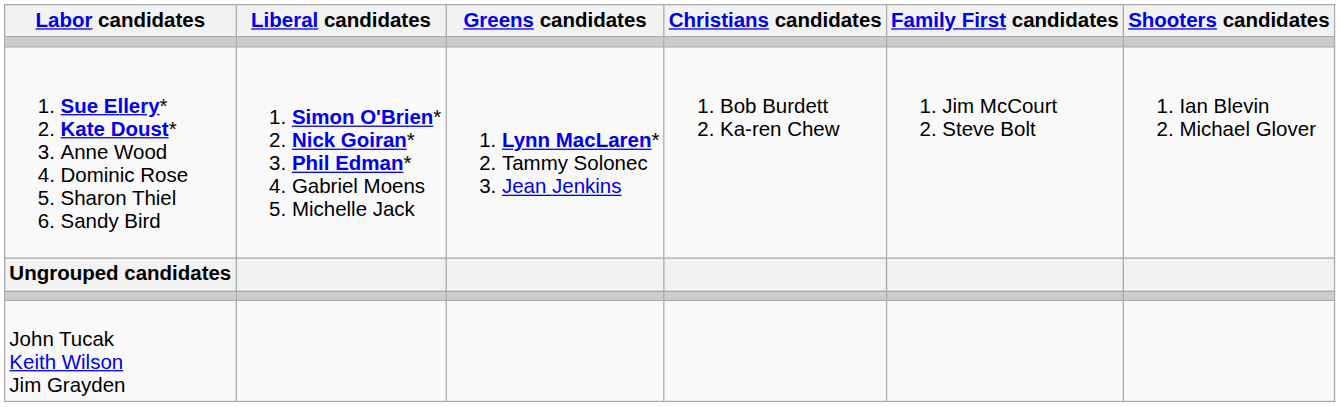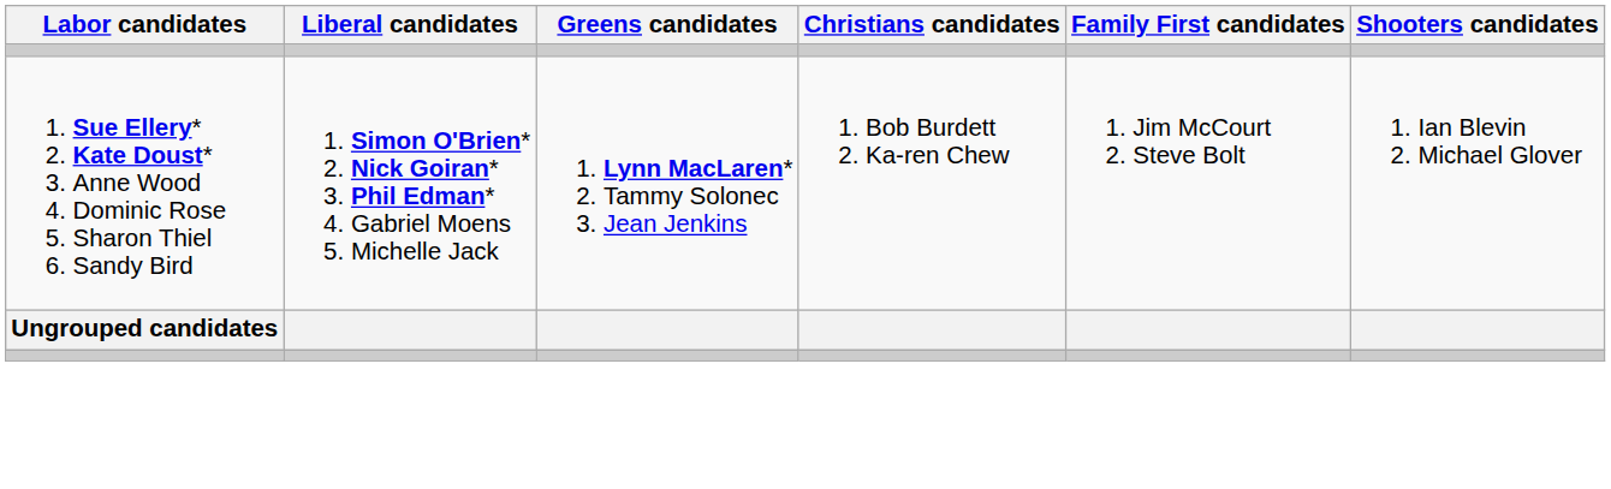 <table class="wikitable">
 <tr>
 <th><a href='#'>Labor</a> candidates</th>
 <th><a href='#'>Liberal</a> candidates</th>
 <th><a href='#'>Greens</a> candidates</th>
 <th><a href='#'>Christians</a> candidates</th>
 <th><a href='#'>Family First</a> candidates</th>
 <th><a href='#'>Shooters</a> candidates</th>
 </tr>
 <tr bgcolor="#cccccc">
 <td></td>
 <td></td>
 <td></td>
 <td></td>
 <td></td>
 <td></td>
 </tr>
 <tr>
 <td><br><ol><li><strong><a href='#'>Sue Ellery</a></strong>*</li><li><strong><a href='#'>Kate Doust</a></strong>*</li><li>Anne Wood</li><li>Dominic Rose</li><li>Sharon Thiel</li><li>Sandy Bird</li></ol></td>
 <td><br><ol><li><strong><a href='#'>Simon O'Brien</a></strong>*</li><li><strong><a href='#'>Nick Goiran</a></strong>*</li><li><strong><a href='#'>Phil Edman</a></strong>*</li><li>Gabriel Moens</li><li>Michelle Jack</li></ol></td>
 <td><br><ol><li><strong><a href='#'>Lynn MacLaren</a></strong>*</li><li>Tammy Solonec</li><li><a href='#'>Jean Jenkins</a></li></ol></td>
 <td valign=top><br><ol><li>Bob Burdett</li><li>Ka-ren Chew</li></ol></td>
 <td valign=top><br><ol><li>Jim McCourt</li><li>Steve Bolt</li></ol></td>
 <td valign=top><br><ol><li>Ian Blevin</li><li>Michael Glover</li></ol></td>
 </tr>
 <tr bgcolor="#cccccc">
 <th>Ungrouped candidates</th>
 <th></th>
 <th></th>
 <th></th>
 <th></th>
 <th></th>
 </tr>
 <tr bgcolor="#cccccc">
 <td></td>
 <td></td>
 <td></td>
 <td></td>
 <td></td>
 <td></td>
 </tr>
-<tr>
-<td valign=top><br>John Tucak <br> <a href='#'>Keith Wilson</a> <br> Jim Grayden</td>
-<td valign=top></td>
-<td valign=top></td>
-<td valign=top></td>
-<td valign=top></td>
-<td valign=top></td>
-</tr>
 </table>
